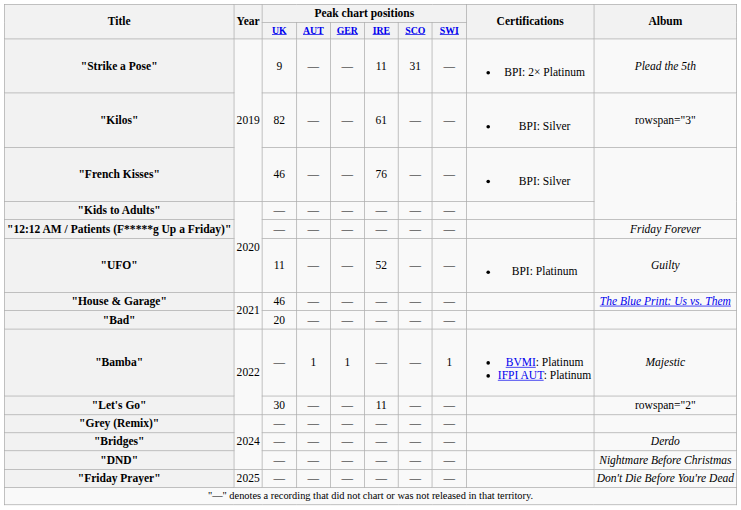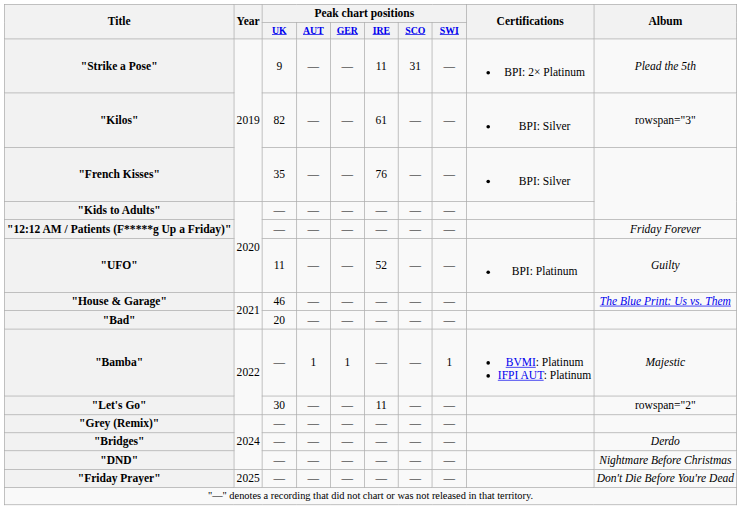 <table class="wikitable plainrowheaders" style="text-align:center;">
 <tr>
 <th scope="col" rowspan="2">Title</th>
 <th scope="col" rowspan="2">Year</th>
 <th scope="col" colspan="6">Peak chart positions</th>
 <th scope="col" rowspan="2">Certifications</th>
 <th scope="col" rowspan="2">Album</th>
 </tr>
 <tr>
 <th scope="col" style="width:3em;font-size:85%;"><a href='#'>UK</a><br></th>
 <th scope="col" style="width:3em;font-size:85%;"><a href='#'>AUT</a><br></th>
 <th scope="col" style="width:3em;font-size:85%;"><a href='#'>GER</a><br></th>
 <th scope="col" style="width:3em;font-size:85%;"><a href='#'>IRE</a><br></th>
 <th scope="col" style="width:3em;font-size:85%;"><a href='#'>SCO</a><br></th>
 <th scope="col" style="width:3em;font-size:85%;"><a href='#'>SWI</a><br></th>
 </tr>
 <tr>
 <th scope="row">"Strike a Pose"<br></th>
 <td rowspan="3">2019</td>
 <td>9</td>
 <td>—</td>
 <td>—</td>
 <td>11</td>
 <td>31</td>
 <td>—</td>
 <td><br><ul><li>BPI: 2× Platinum</li></ul></td>
 <td><em>Plead the 5th</em></td>
 </tr>
 <tr>
 <th scope="row">"Kilos"<br></th>
 <td>82</td>
 <td>—</td>
 <td>—</td>
 <td>61</td>
 <td>—</td>
 <td>—</td>
 <td><br><ul><li>BPI: Silver</li></ul></td>
 <td>rowspan="3" </td>
 </tr>
 <tr>
 <th scope="row">"French Kisses"<br></th>
-<td>46</td>
+<td>35</td>
 <td>—</td>
 <td>—</td>
 <td>76</td>
 <td>—</td>
 <td>—</td>
 <td><br><ul><li>BPI: Silver</li></ul></td>
 </tr>
 <tr>
 <th scope="row">"Kids to Adults"<br></th>
 <td rowspan="3">2020</td>
 <td>—</td>
 <td>—</td>
 <td>—</td>
 <td>—</td>
 <td>—</td>
 <td>—</td>
 <td></td>
 </tr>
 <tr>
 <th scope="row">"12:12 AM / Patients (F*****g Up a Friday)"<br></th>
 <td>—</td>
 <td>—</td>
 <td>—</td>
 <td>—</td>
 <td>—</td>
 <td>—</td>
 <td></td>
 <td><em>Friday Forever</em></td>
 </tr>
 <tr>
 <th scope="row">"UFO"<br></th>
 <td>11</td>
 <td>—</td>
 <td>—</td>
 <td>52</td>
 <td>—</td>
 <td>—</td>
 <td><br><ul><li>BPI: Platinum</li></ul></td>
 <td><em>Guilty</em></td>
 </tr>
 <tr>
 <th scope="row">"House & Garage"<br></th>
 <td rowspan="2">2021</td>
 <td>46</td>
 <td>—</td>
 <td>—</td>
 <td>—</td>
 <td>—</td>
 <td>—</td>
 <td></td>
 <td><em><a href='#'>The Blue Print: Us vs. Them</a></em></td>
 </tr>
 <tr>
 <th scope="row">"Bad"<br></th>
 <td>20</td>
 <td>—</td>
 <td>—</td>
 <td>—</td>
 <td>—</td>
 <td>—</td>
 <td></td>
 <td></td>
 </tr>
 <tr>
 <th scope="row">"Bamba"<br></th>
 <td rowspan="2">2022</td>
 <td>—</td>
 <td>1</td>
 <td>1</td>
 <td>—</td>
 <td>—</td>
 <td>1</td>
 <td><br><ul><li><a href='#'>BVMI</a>: Platinum</li><li><a href='#'>IFPI AUT</a>: Platinum</li></ul></td>
 <td><em>Majestic</em></td>
 </tr>
 <tr>
 <th scope="row">"Let's Go"<br></th>
 <td>30</td>
 <td>—</td>
 <td>—</td>
 <td>11</td>
 <td>—</td>
 <td>—</td>
 <td></td>
 <td>rowspan="2" </td>
 </tr>
 <tr>
 <th scope="row">"Grey (Remix)"<br></th>
 <td rowspan="3">2024</td>
 <td>—</td>
 <td>—</td>
 <td>—</td>
 <td>—</td>
 <td>—</td>
 <td>—</td>
 <td></td>
 </tr>
 <tr>
 <th scope="row">"Bridges"<br></th>
 <td>—</td>
 <td>—</td>
 <td>—</td>
 <td>—</td>
 <td>—</td>
 <td>—</td>
 <td></td>
 <td><em>Derdo</em></td>
 </tr>
 <tr>
 <th scope="row">"DND"<br></th>
 <td>—</td>
 <td>—</td>
 <td>—</td>
 <td>—</td>
 <td>—</td>
 <td>—</td>
 <td></td>
 <td><em>Nightmare Before Christmas</em></td>
 </tr>
 <tr>
 <th scope="row">"Friday Prayer"<br></th>
 <td>2025</td>
 <td>—</td>
 <td>—</td>
 <td>—</td>
 <td>—</td>
 <td>—</td>
 <td>—</td>
 <td></td>
 <td><em>Don't Die Before You're Dead</em></td>
 </tr>
 <tr>
 <td colspan="10" style="font-size:90%">"—" denotes a recording that did not chart or was not released in that territory.</td>
 </tr>
 </table>
